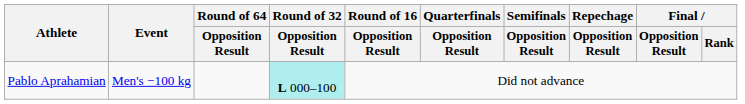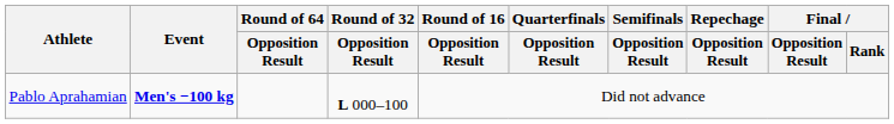 <table class="wikitable" style="font-size:90%">
 <tr>
 <th rowspan="2">Athlete</th>
 <th rowspan="2">Event</th>
 <th>Round of 64</th>
 <th>Round of 32</th>
 <th>Round of 16</th>
 <th>Quarterfinals</th>
 <th>Semifinals</th>
 <th>Repechage</th>
 <th colspan=2>Final / </th>
 </tr>
 <tr style="font-size:95%">
 <th>Opposition<br>Result</th>
 <th>Opposition<br>Result</th>
 <th>Opposition<br>Result</th>
 <th>Opposition<br>Result</th>
 <th>Opposition<br>Result</th>
 <th>Opposition<br>Result</th>
 <th>Opposition<br>Result</th>
 <th>Rank</th>
 </tr>
 <tr align=center>
 <td align=left><a href='#'>Pablo Aprahamian</a></td>
-<td align=left><a href='#'>Men's −100 kg</a></td>
+<td align=left><strong><a href='#'>Men's −100 kg</a></strong></td>
 <td></td>
-<td style="background: paleturquoise;"><br><strong>L</strong> 000–100</td>
+<td><br><strong>L</strong> 000–100</td>
 <td colspan=6>Did not advance</td>
 </tr>
 </table>
